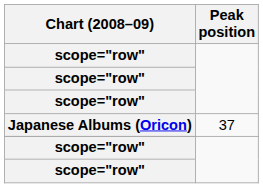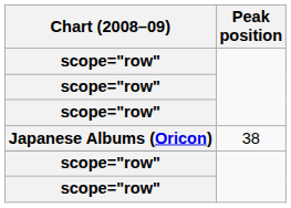 <table class="wikitable sortable plainrowheaders">
 <tr>
 <th scope="col">Chart (2008–09)</th>
 <th scope="col">Peak<br>position</th>
 </tr>
 <tr>
 <th>scope="row" </th>
 </tr>
 <tr>
 <th>scope="row" </th>
 </tr>
 <tr>
 <th>scope="row" </th>
 </tr>
 <tr>
 <th scope="row">Japanese Albums (<a href='#'>Oricon</a>)</th>
-<td style="text-align:center;">37</td>
+<td style="text-align:center;">38</td>
 </tr>
 <tr>
 </tr>
 <tr>
 <th>scope="row" </th>
 </tr>
 <tr>
 <th>scope="row" </th>
 </tr>
 </table>
